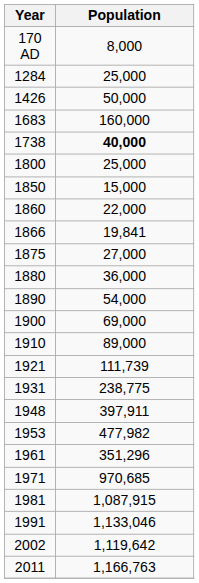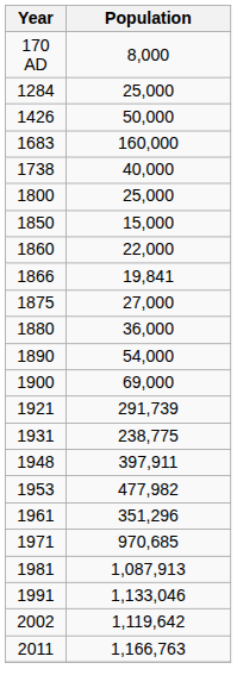 <table class="wikitable" style="float:right; margin:0 0 0 1em; text-size:80%; text-align:right">
 <tr>
 <th>Year</th>
 <th>Population</th>
 </tr>
 <tr>
 <td align="center" width="50">170 AD</td>
 <td align="center" width="150">8,000</td>
 </tr>
 <tr>
 <td align="center">1284</td>
 <td align="center">25,000</td>
 </tr>
 <tr>
 <td align="center">1426</td>
 <td align="center">50,000</td>
 </tr>
 <tr>
 <td align="center">1683</td>
 <td align="center">160,000</td>
 </tr>
 <tr>
 <td align="center">1738</td>
-<td align="center"><strong>40,000</strong></td>
+<td align="center">40,000</td>
 </tr>
 <tr>
 <td align="center">1800</td>
 <td align="center">25,000</td>
 </tr>
 <tr>
 <td align="center">1850</td>
 <td align="center">15,000</td>
 </tr>
 <tr>
 <td align="center">1860</td>
 <td align="center">22,000</td>
 </tr>
 <tr>
 <td align="center">1866</td>
 <td align="center">19,841</td>
 </tr>
 <tr>
 <td align="center">1875</td>
 <td align="center">27,000</td>
 </tr>
 <tr>
 <td align="center">1880</td>
 <td align="center">36,000</td>
 </tr>
 <tr>
 <td align="center">1890</td>
 <td align="center">54,000</td>
 </tr>
 <tr>
 <td align="center">1900</td>
 <td align="center">69,000</td>
 </tr>
 <tr>
-<td align="center">1910</td>
-<td align="center">89,000</td>
-</tr>
-<tr>
 <td align="center">1921</td>
-<td align="center">111,739</td>
+<td align="center">291,739</td>
 </tr>
 <tr>
 <td align="center">1931</td>
 <td align="center">238,775</td>
 </tr>
 <tr>
 <td align="center">1948</td>
 <td align="center">397,911</td>
 </tr>
 <tr>
 <td align="center">1953</td>
 <td align="center">477,982</td>
 </tr>
 <tr>
 <td align="center">1961</td>
 <td align="center">351,296</td>
 </tr>
 <tr>
 <td align="center">1971</td>
 <td align="center">970,685</td>
 </tr>
 <tr>
 <td align="center">1981</td>
-<td align="center">1,087,915</td>
+<td align="center">1,087,913</td>
 </tr>
 <tr>
 <td align="center">1991</td>
 <td align="center">1,133,046</td>
 </tr>
 <tr>
 <td align="center">2002</td>
 <td align="center">1,119,642</td>
 </tr>
 <tr>
 <td align="center">2011</td>
 <td align="center">1,166,763</td>
 </tr>
 <tr>
 </tr>
 </table>
